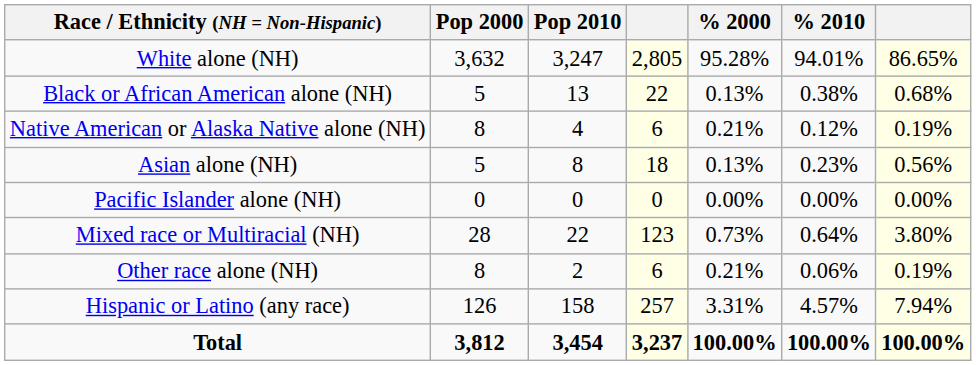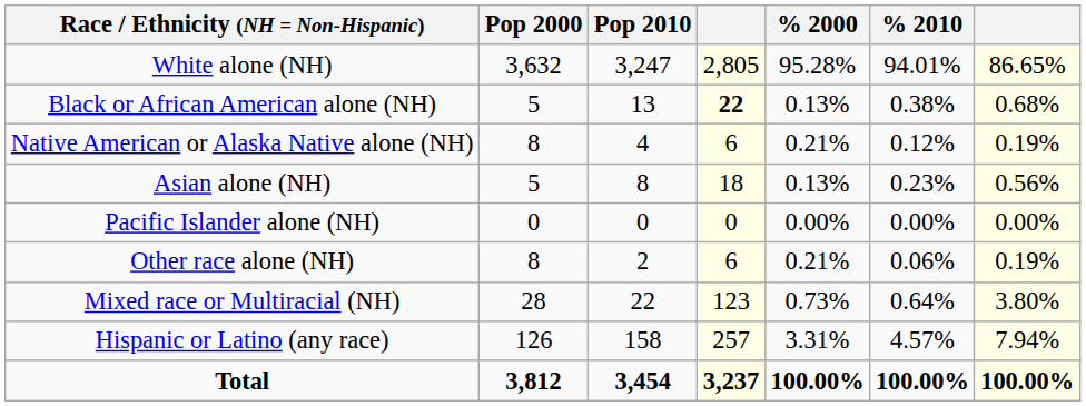 <table class="wikitable" style="text-align:center;">
 <tr>
 <th>Race / Ethnicity <small>(<em>NH = Non-Hispanic</em>)</small></th>
 <th>Pop 2000</th>
 <th>Pop 2010</th>
 <th></th>
 <th>% 2000</th>
 <th>% 2010</th>
 <th></th>
 </tr>
 <tr>
 <td><a href='#'>White</a> alone (NH)</td>
 <td>3,632</td>
 <td>3,247</td>
 <td style='background: #ffffe6;'>2,805</td>
 <td>95.28%</td>
 <td>94.01%</td>
 <td style='background: #ffffe6;'>86.65%</td>
 </tr>
 <tr>
 <td><a href='#'>Black or African American</a> alone (NH)</td>
 <td>5</td>
 <td>13</td>
-<td style='background: #ffffe6;'>22</td>
+<td style='background: #ffffe6;'><strong>22</strong></td>
 <td>0.13%</td>
 <td>0.38%</td>
 <td style='background: #ffffe6;'>0.68%</td>
 </tr>
 <tr>
 <td><a href='#'>Native American</a> or <a href='#'>Alaska Native</a> alone (NH)</td>
 <td>8</td>
 <td>4</td>
 <td style='background: #ffffe6;'>6</td>
 <td>0.21%</td>
 <td>0.12%</td>
 <td style='background: #ffffe6;'>0.19%</td>
 </tr>
 <tr>
 <td><a href='#'>Asian</a> alone (NH)</td>
 <td>5</td>
 <td>8</td>
 <td style='background: #ffffe6;'>18</td>
 <td>0.13%</td>
 <td>0.23%</td>
 <td style='background: #ffffe6;'>0.56%</td>
 </tr>
 <tr>
 <td><a href='#'>Pacific Islander</a> alone (NH)</td>
 <td>0</td>
 <td>0</td>
 <td style='background: #ffffe6;'>0</td>
 <td>0.00%</td>
 <td>0.00%</td>
 <td style='background: #ffffe6;'>0.00%</td>
 </tr>
 <tr>
+<td><a href='#'>Other race</a> alone (NH)</td>
+<td>8</td>
+<td>2</td>
+<td style='background: #ffffe6;'>6</td>
+<td>0.21%</td>
+<td>0.06%</td>
+<td style='background: #ffffe6;'>0.19%</td>
+</tr>
+<tr>
 <td><a href='#'>Mixed race or Multiracial</a> (NH)</td>
 <td>28</td>
 <td>22</td>
 <td style='background: #ffffe6;'>123</td>
 <td>0.73%</td>
 <td>0.64%</td>
 <td style='background: #ffffe6;'>3.80%</td>
-</tr>
-<tr>
-<td><a href='#'>Other race</a> alone (NH)</td>
-<td>8</td>
-<td>2</td>
-<td style='background: #ffffe6;'>6</td>
-<td>0.21%</td>
-<td>0.06%</td>
-<td style='background: #ffffe6;'>0.19%</td>
 </tr>
 <tr>
 <td><a href='#'>Hispanic or Latino</a> (any race)</td>
 <td>126</td>
 <td>158</td>
 <td style='background: #ffffe6;'>257</td>
 <td>3.31%</td>
 <td>4.57%</td>
 <td style='background: #ffffe6;'>7.94%</td>
 </tr>
 <tr>
 <td><strong>Total</strong></td>
 <td><strong>3,812</strong></td>
 <td><strong>3,454</strong></td>
 <td style='background: #ffffe6;'><strong>3,237</strong></td>
 <td><strong>100.00%</strong></td>
 <td><strong>100.00%</strong></td>
 <td style='background: #ffffe6;'><strong>100.00%</strong></td>
 </tr>
 </table>
